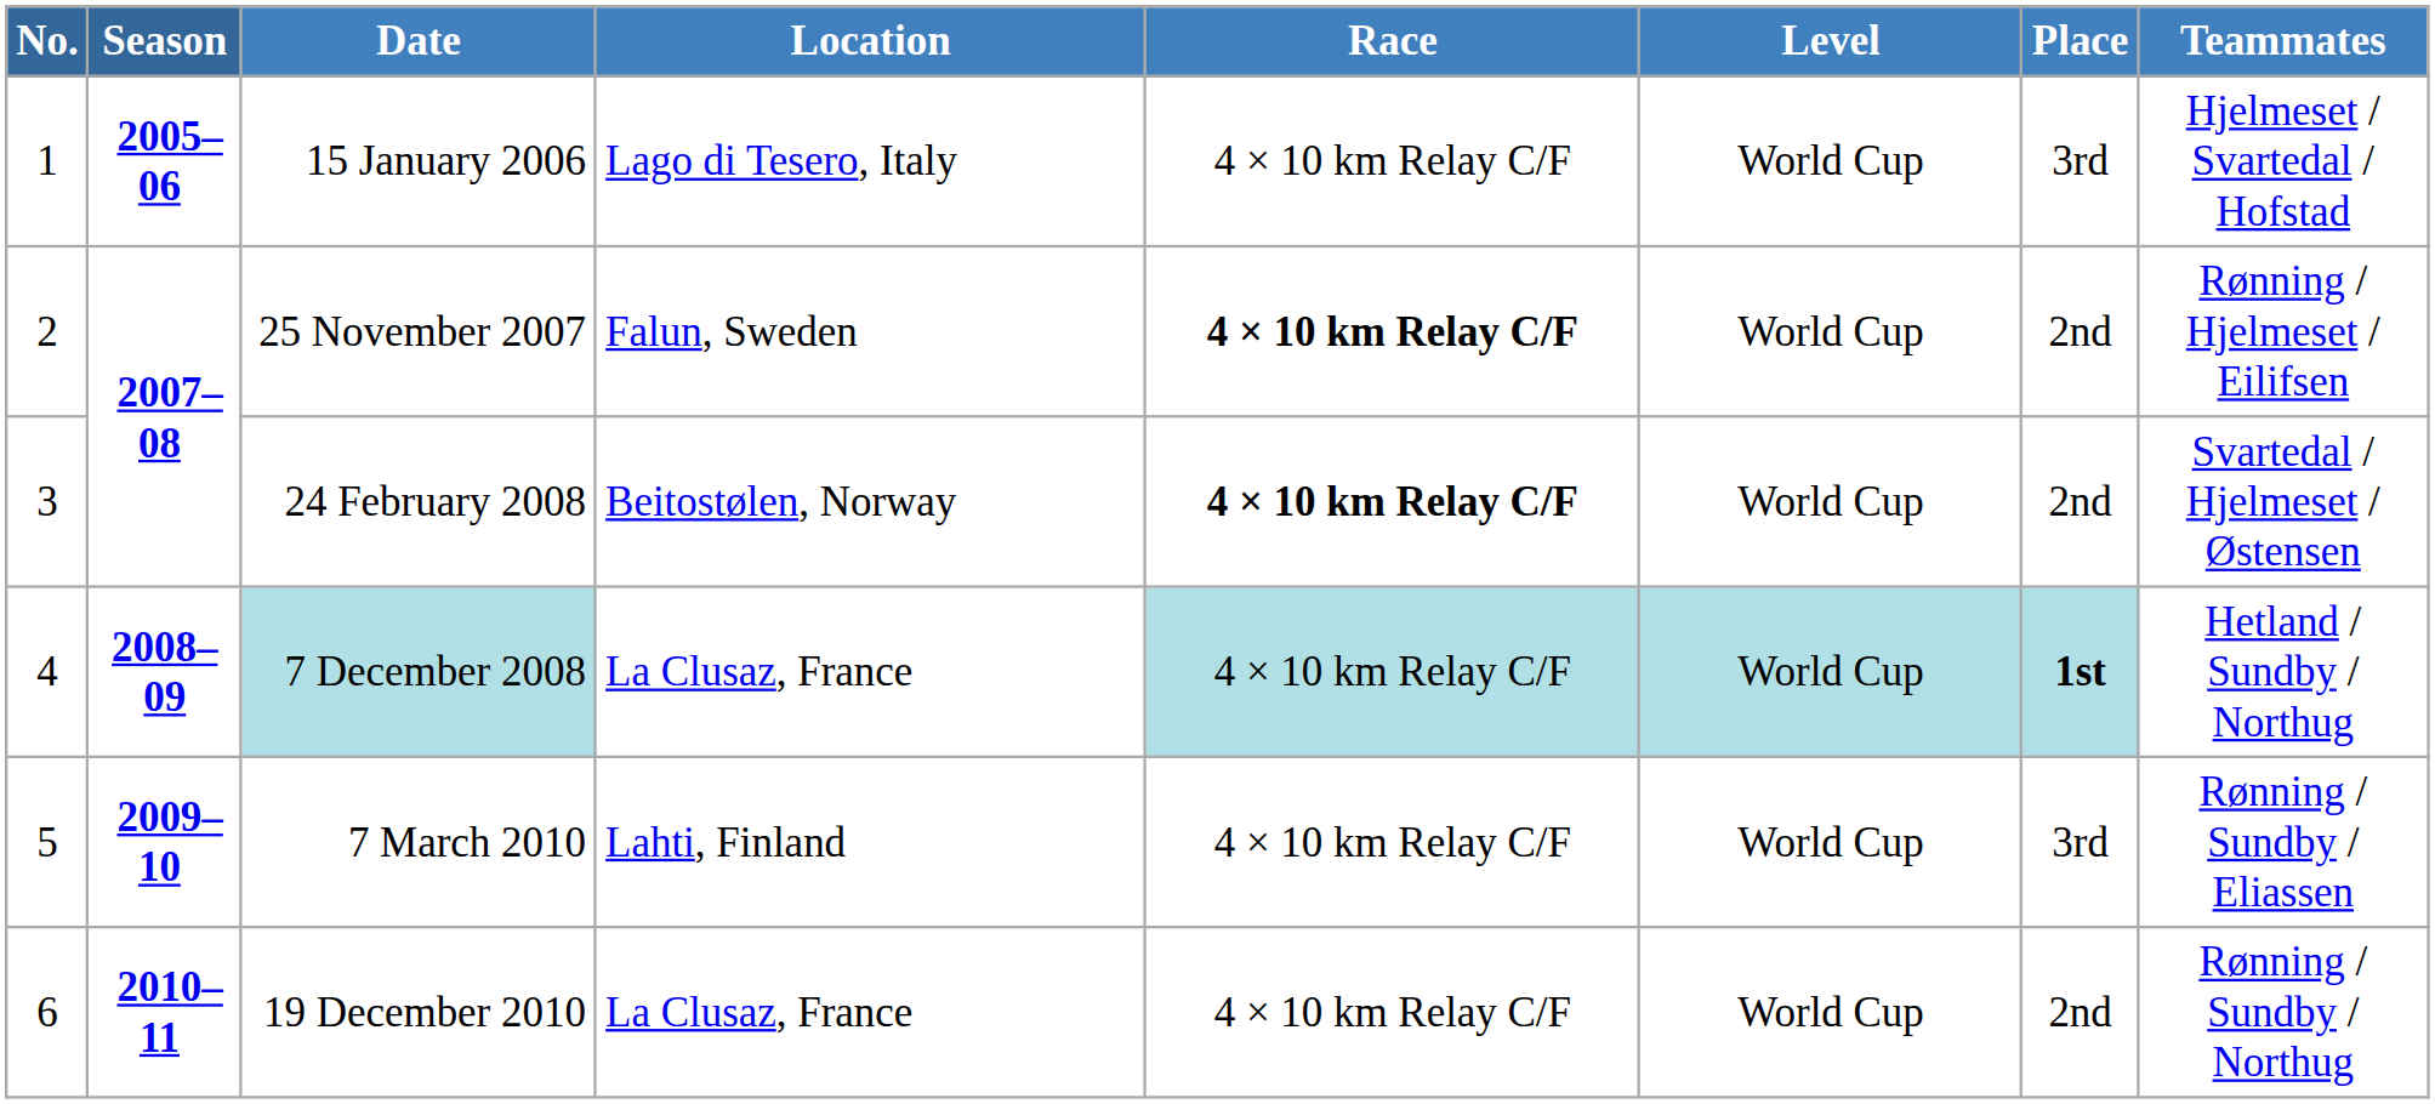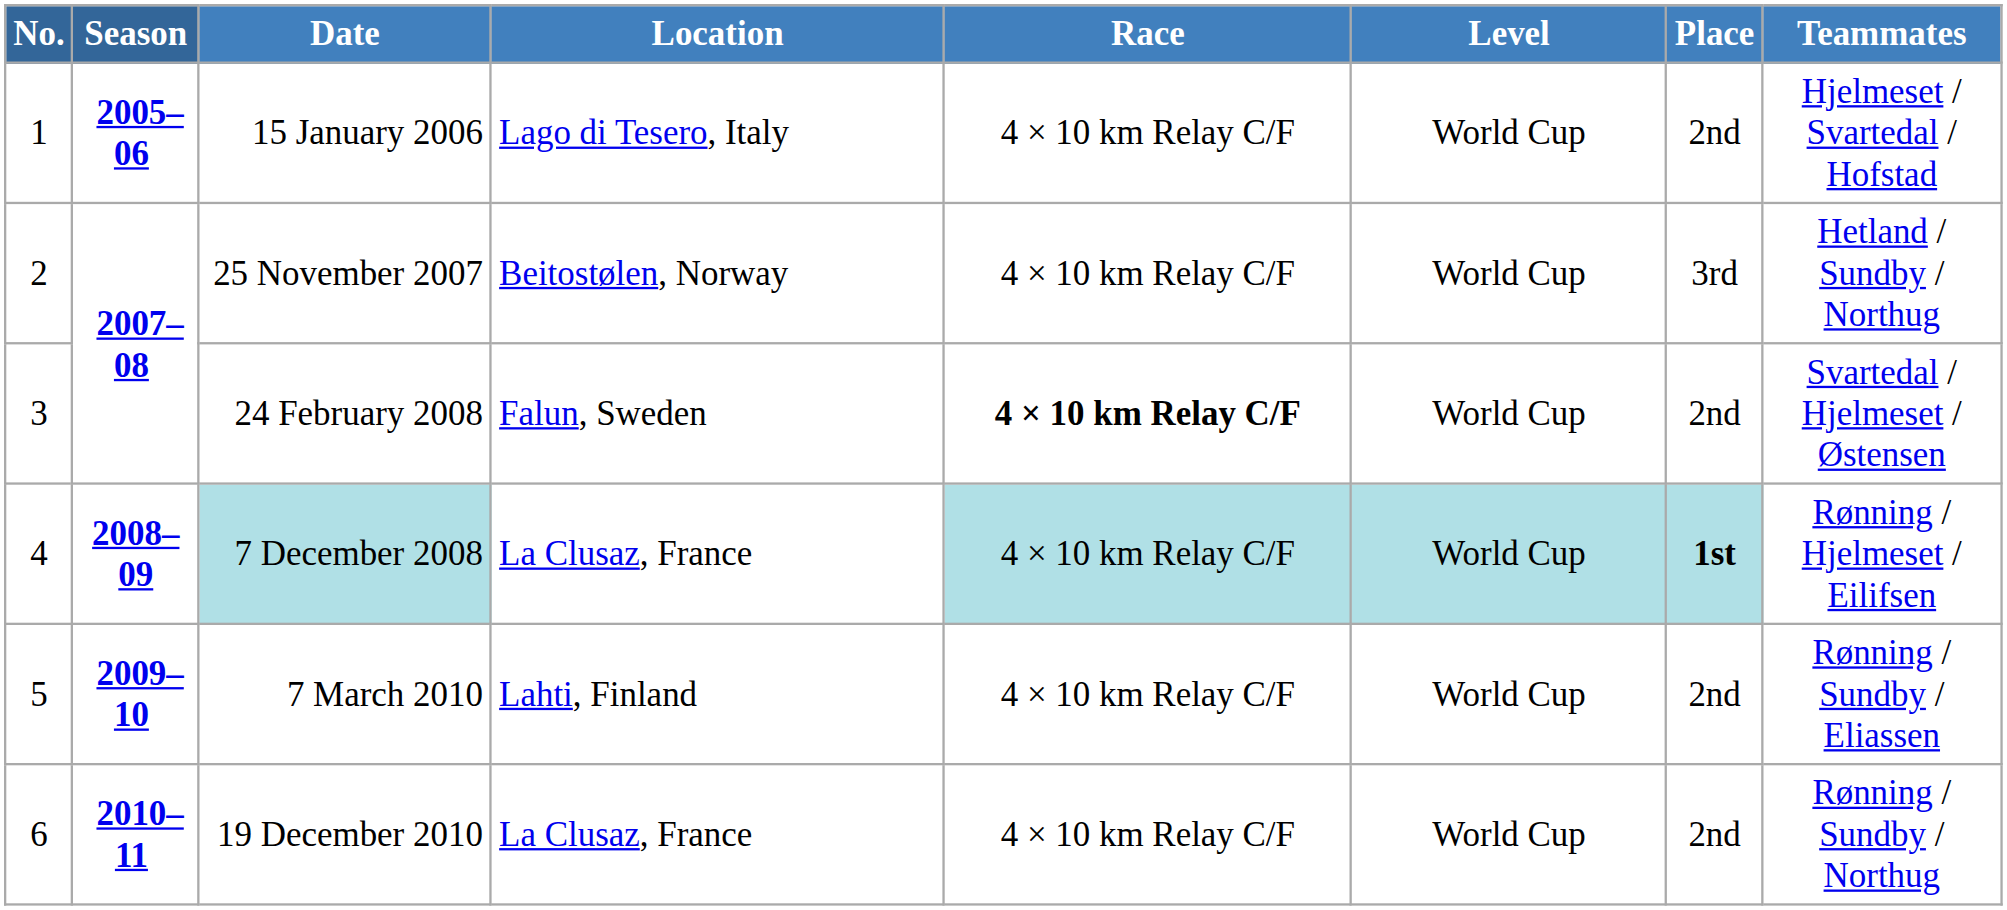 <table class="wikitable sortable" style="font-size:95%; text-align:center; border:grey solid 1px; border-collapse:collapse; background:#ffffff;">
 <tr style="background:#efefef;">
 <th style="background-color:#369; color:white;">No.</th>
 <th style="background-color:#369; color:white;">Season</th>
 <th style="background-color:#4180be; color:white; width:120px;">Date</th>
 <th style="background-color:#4180be; color:white; width:190px;">Location</th>
 <th style="background-color:#4180be; color:white; width:170px;">Race</th>
 <th style="background-color:#4180be; color:white; width:130px;">Level</th>
 <th style="background-color:#4180be; color:white;">Place</th>
 <th style="background-color:#4180be; color:white;">Teammates</th>
 </tr>
 <tr>
 <td align=center>1</td>
 <td rowspan=1 align=center><strong> <a href='#'>2005–06</a> </strong></td>
 <td align=right>15 January 2006</td>
 <td align=left> <a href='#'>Lago di Tesero</a>, Italy</td>
 <td>4 × 10 km Relay C/F</td>
 <td>World Cup</td>
-<td>3rd</td>
+<td>2nd</td>
 <td><a href='#'>Hjelmeset</a> / <a href='#'>Svartedal</a> / <a href='#'>Hofstad</a></td>
 </tr>
 <tr>
 <td align=center>2</td>
 <td rowspan=2 align=center><strong> <a href='#'>2007–08</a> </strong></td>
 <td align=right>25 November 2007</td>
-<td align=left> <a href='#'>Falun</a>, Sweden</td>
-<td><strong>4 × 10 km Relay C/F</strong></td>
+<td align=left>  <a href='#'>Beitostølen</a>, Norway</td>
+<td>4 × 10 km Relay C/F</td>
 <td>World Cup</td>
-<td>2nd</td>
-<td><a href='#'>Rønning</a> / <a href='#'>Hjelmeset</a> / <a href='#'>Eilifsen</a></td>
+<td>3rd</td>
+<td><a href='#'>Hetland</a> / <a href='#'>Sundby</a> / <a href='#'>Northug</a></td>
 </tr>
 <tr>
 <td align=center>3</td>
 <td align=right>24 February 2008</td>
-<td align=left>  <a href='#'>Beitostølen</a>, Norway</td>
+<td align=left> <a href='#'>Falun</a>, Sweden</td>
 <td><strong>4 × 10 km Relay C/F</strong></td>
 <td>World Cup</td>
 <td>2nd</td>
 <td><a href='#'>Svartedal</a> / <a href='#'>Hjelmeset</a> / <a href='#'>Østensen</a></td>
 </tr>
 <tr>
 <td align=center>4</td>
 <td rowspan=1 align=center><strong><a href='#'>2008–09</a></strong></td>
 <td bgcolor="#BOEOE6" align=right>7 December 2008</td>
 <td align=left> <a href='#'>La Clusaz</a>, France</td>
 <td bgcolor="#BOEOE6">4 × 10 km Relay C/F</td>
 <td bgcolor="#BOEOE6">World Cup</td>
 <td bgcolor="#BOEOE6"><strong>1st</strong></td>
-<td><a href='#'>Hetland</a> / <a href='#'>Sundby</a> / <a href='#'>Northug</a></td>
+<td><a href='#'>Rønning</a> / <a href='#'>Hjelmeset</a> / <a href='#'>Eilifsen</a></td>
 </tr>
 <tr>
 <td align=center>5</td>
 <td rowspan=1 align=center><strong> <a href='#'>2009–10</a> </strong></td>
 <td align=right>7 March 2010</td>
 <td align=left> <a href='#'>Lahti</a>, Finland</td>
 <td>4 × 10 km Relay C/F</td>
 <td>World Cup</td>
-<td>3rd</td>
+<td>2nd</td>
 <td><a href='#'>Rønning</a> / <a href='#'>Sundby</a> / <a href='#'>Eliassen</a></td>
 </tr>
 <tr>
 <td align=center>6</td>
 <td rowspan=1 align=center><strong> <a href='#'>2010–11</a> </strong></td>
 <td align=right>19 December 2010</td>
 <td align=left> <a href='#'>La Clusaz</a>, France</td>
 <td>4 × 10 km Relay C/F</td>
 <td>World Cup</td>
 <td>2nd</td>
 <td><a href='#'>Rønning</a> / <a href='#'>Sundby</a> / <a href='#'>Northug</a></td>
 </tr>
 </table>
